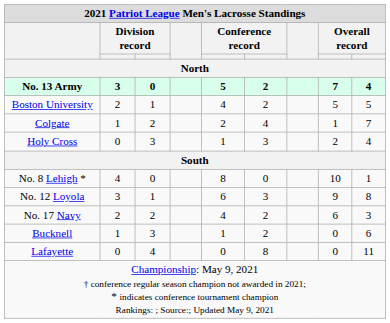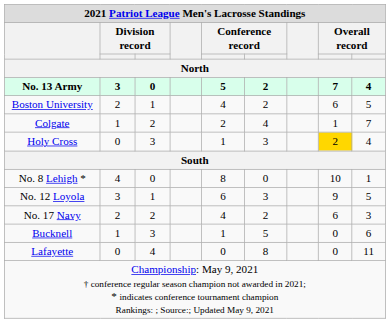 <table class=wikitable style="text-align:center; font-size:95%;" width=33%>
 <tr>
 <th colspan="9" style="background-color: gainsboro">2021 <a href='#'>Patriot League</a> Men's Lacrosse Standings</th>
 </tr>
 <tr>
 <th rowspan="2" width="15%"></th>
 <th colspan="2">Division record</th>
 <th rowspan="2" width="5%"></th>
 <th colspan="2">Conference record</th>
 <th rowspan="2" width="5%"></th>
 <th colspan="2">Overall record</th>
 </tr>
 <tr>
 <th width="5%"></th>
 <th width="5%"></th>
 <th width="5%"></th>
 <th width="5%"></th>
 <th width="5%"></th>
 <th width="5%"></th>
 </tr>
 <tr>
 <th colspan="9">North</th>
 </tr>
 <tr bgcolor=D8FFEB>
 <td><strong>No. 13 Army</strong></td>
 <td><strong>3</strong></td>
 <td><strong>0</strong></td>
 <td></td>
 <td><strong>5</strong></td>
 <td><strong>2</strong></td>
 <td></td>
 <td><strong>7</strong></td>
 <td><strong>4</strong></td>
 </tr>
 <tr>
 <td><a href='#'>Boston University</a></td>
 <td>2</td>
 <td>1</td>
 <td></td>
 <td>4</td>
 <td>2</td>
 <td></td>
-<td>5</td>
+<td>6</td>
 <td>5</td>
 </tr>
 <tr>
 <td><a href='#'>Colgate</a></td>
 <td>1</td>
 <td>2</td>
 <td></td>
 <td>2</td>
 <td>4</td>
 <td></td>
 <td>1</td>
 <td>7</td>
 </tr>
 <tr>
 <td><a href='#'>Holy Cross</a></td>
 <td>0</td>
 <td>3</td>
 <td></td>
 <td>1</td>
 <td>3</td>
 <td></td>
-<td>2</td>
+<td style="background: gold;">2</td>
 <td>4</td>
 </tr>
 <tr>
 <th colspan="9">South</th>
 </tr>
 <tr>
 <td>No. 8 <a href='#'>Lehigh</a> *</td>
 <td>4</td>
 <td>0</td>
 <td></td>
 <td>8</td>
 <td>0</td>
 <td></td>
 <td>10</td>
 <td>1</td>
 </tr>
 <tr>
 <td>No. 12 <a href='#'>Loyola</a></td>
 <td>3</td>
 <td>1</td>
 <td></td>
 <td>6</td>
 <td>3</td>
 <td></td>
 <td>9</td>
-<td>8</td>
+<td>5</td>
 </tr>
 <tr>
 <td>No. 17 <a href='#'>Navy</a></td>
 <td>2</td>
 <td>2</td>
 <td></td>
 <td>4</td>
 <td>2</td>
 <td></td>
 <td>6</td>
 <td>3</td>
 </tr>
 <tr>
 <td><a href='#'>Bucknell</a></td>
 <td>1</td>
 <td>3</td>
 <td></td>
 <td>1</td>
-<td>2</td>
+<td>5</td>
 <td></td>
 <td>0</td>
 <td>6</td>
 </tr>
 <tr>
 <td><a href='#'>Lafayette</a></td>
 <td>0</td>
 <td>4</td>
 <td></td>
 <td>0</td>
 <td>8</td>
 <td></td>
 <td>0</td>
 <td>11</td>
 </tr>
 <tr>
 <td colspan=9 style="text-align:center;"><a href='#'>Championship</a>: May 9, 2021<br><small>† conference regular season champion not awarded in 2021;</small><br> * <small>indicates conference tournament champion</small><br> <small>Rankings: ; Source:; Updated May 9, 2021</small></td>
 </tr>
 </table>
